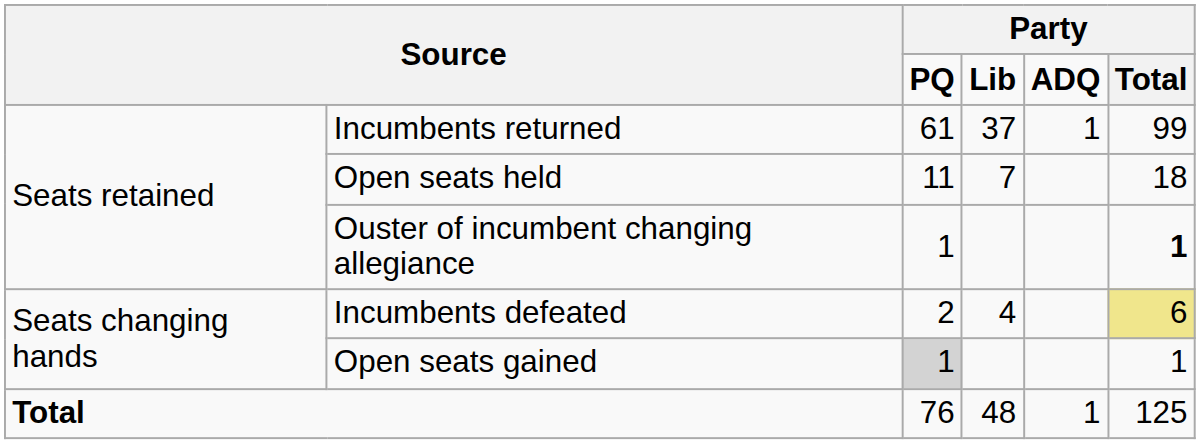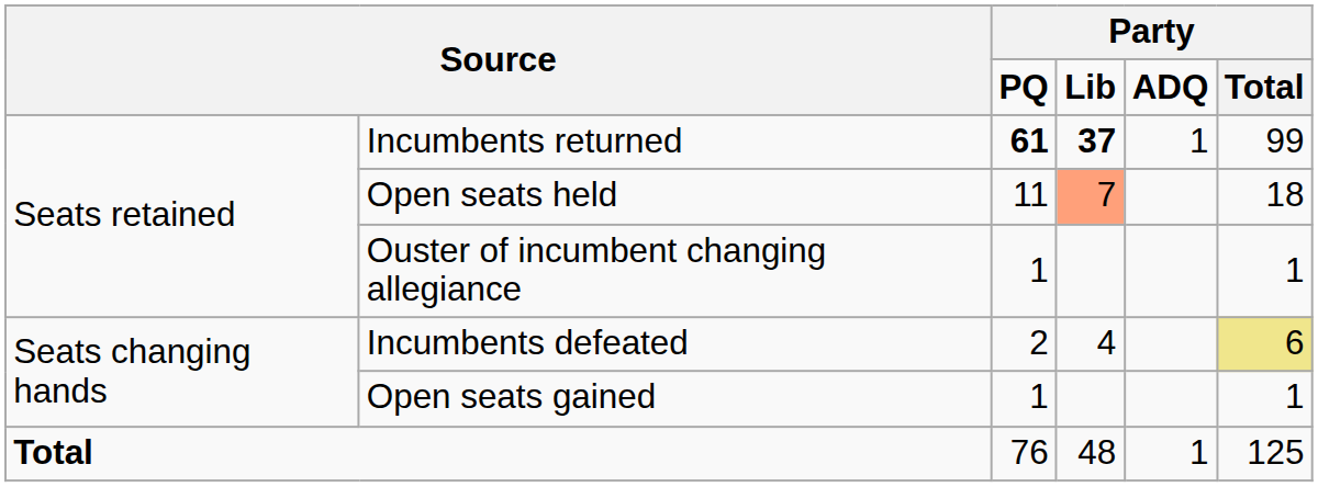 <table class="wikitable" style="text-align:right;">
 <tr>
 <th colspan="2" rowspan="2">Source</th>
 <th colspan="6">Party</th>
 </tr>
 <tr>
 <td><strong>PQ</strong></td>
 <td><strong>Lib</strong></td>
 <td><strong>ADQ</strong></td>
 <th>Total</th>
 </tr>
 <tr>
 <td rowspan="3" style="text-align:left;">Seats retained</td>
 <td style="text-align:left;">Incumbents returned</td>
-<td>61</td>
-<td>37</td>
+<td><strong>61</strong></td>
+<td><strong>37</strong></td>
 <td>1</td>
 <td>99</td>
 </tr>
 <tr>
 <td style="text-align:left;">Open seats held</td>
 <td>11</td>
-<td>7</td>
+<td style="background: lightsalmon;">7</td>
 <td></td>
 <td>18</td>
 </tr>
 <tr>
 <td style="text-align:left;">Ouster of incumbent changing allegiance</td>
 <td>1</td>
 <td></td>
 <td></td>
-<td><strong>1</strong></td>
+<td>1</td>
 </tr>
 <tr>
 <td rowspan="2" style="text-align:left;">Seats changing hands</td>
 <td style="text-align:left;">Incumbents defeated</td>
 <td>2</td>
 <td>4</td>
 <td></td>
 <td style="background: khaki;">6</td>
 </tr>
 <tr>
 <td style="text-align:left;">Open seats gained</td>
-<td style="background: lightgrey;">1</td>
+<td>1</td>
 <td></td>
 <td></td>
 <td>1</td>
 </tr>
 <tr>
 <td colspan="2" style="text-align:left;"><strong>Total</strong></td>
 <td>76</td>
 <td>48</td>
 <td>1</td>
 <td>125</td>
 </tr>
 </table>
